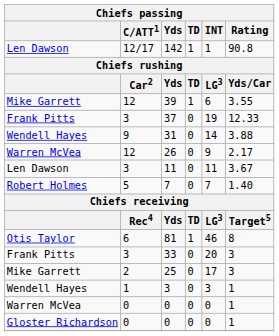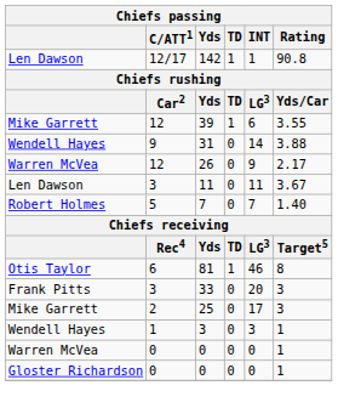 <table class="wikitable">
 <tr>
 <th colspan="6">Chiefs passing</th>
 </tr>
 <tr>
 <th></th>
 <th>C/ATT<sup>1</sup></th>
 <th>Yds</th>
 <th>TD</th>
 <th>INT</th>
 <th>Rating</th>
 </tr>
 <tr>
 <td><a href='#'>Len Dawson</a></td>
 <td>12/17</td>
 <td>142</td>
 <td>1</td>
 <td>1</td>
 <td>90.8</td>
 </tr>
 <tr>
 <th colspan="6">Chiefs rushing</th>
 </tr>
 <tr>
 <th></th>
 <th>Car<sup>2</sup></th>
 <th>Yds</th>
 <th>TD</th>
 <th>LG<sup>3</sup></th>
 <th>Yds/Car</th>
 </tr>
 <tr>
 <td><a href='#'>Mike Garrett</a></td>
 <td>12</td>
 <td>39</td>
 <td>1</td>
 <td>6</td>
 <td>3.55</td>
-</tr>
-<tr>
-<td><a href='#'>Frank Pitts</a></td>
-<td>3</td>
-<td>37</td>
-<td>0</td>
-<td>19</td>
-<td>12.33</td>
 </tr>
 <tr>
 <td><a href='#'>Wendell Hayes</a></td>
 <td>9</td>
 <td>31</td>
 <td>0</td>
 <td>14</td>
 <td>3.88</td>
 </tr>
 <tr>
 <td><a href='#'>Warren McVea</a></td>
 <td>12</td>
 <td>26</td>
 <td>0</td>
 <td>9</td>
 <td>2.17</td>
 </tr>
 <tr>
 <td>Len Dawson</td>
 <td>3</td>
 <td>11</td>
 <td>0</td>
 <td>11</td>
 <td>3.67</td>
 </tr>
 <tr>
 <td><a href='#'>Robert Holmes</a></td>
 <td>5</td>
 <td>7</td>
 <td>0</td>
 <td>7</td>
 <td>1.40</td>
 </tr>
 <tr>
 <th colspan="6">Chiefs receiving</th>
 </tr>
 <tr>
 <th></th>
 <th>Rec<sup>4</sup></th>
 <th>Yds</th>
 <th>TD</th>
 <th>LG<sup>3</sup></th>
 <th>Target<sup>5</sup></th>
 </tr>
 <tr>
 <td><a href='#'>Otis Taylor</a></td>
 <td>6</td>
 <td>81</td>
 <td>1</td>
 <td>46</td>
 <td>8</td>
 </tr>
 <tr>
 <td>Frank Pitts</td>
 <td>3</td>
 <td>33</td>
 <td>0</td>
 <td>20</td>
 <td>3</td>
 </tr>
 <tr>
 <td>Mike Garrett</td>
 <td>2</td>
 <td>25</td>
 <td>0</td>
 <td>17</td>
 <td>3</td>
 </tr>
 <tr>
 <td>Wendell Hayes</td>
 <td>1</td>
 <td>3</td>
 <td>0</td>
 <td>3</td>
 <td>1</td>
 </tr>
 <tr>
 <td>Warren McVea</td>
 <td>0</td>
 <td>0</td>
 <td>0</td>
 <td>0</td>
 <td>1</td>
 </tr>
 <tr>
 <td><a href='#'>Gloster Richardson</a></td>
 <td>0</td>
 <td>0</td>
 <td>0</td>
 <td>0</td>
 <td>1</td>
 </tr>
 <tr>
 </tr>
 </table>
